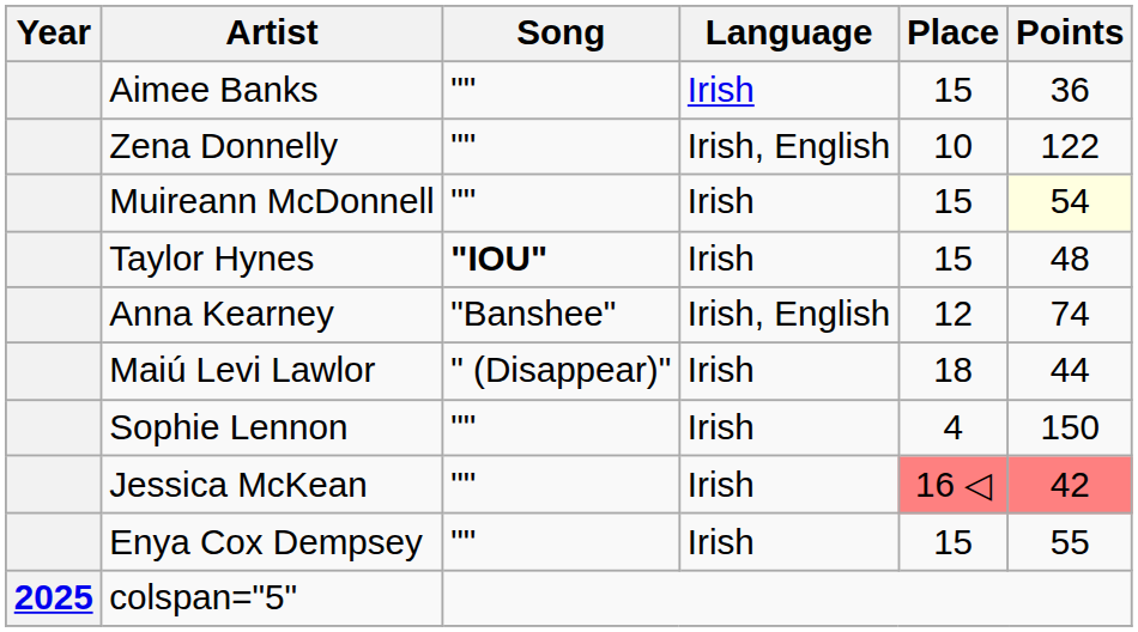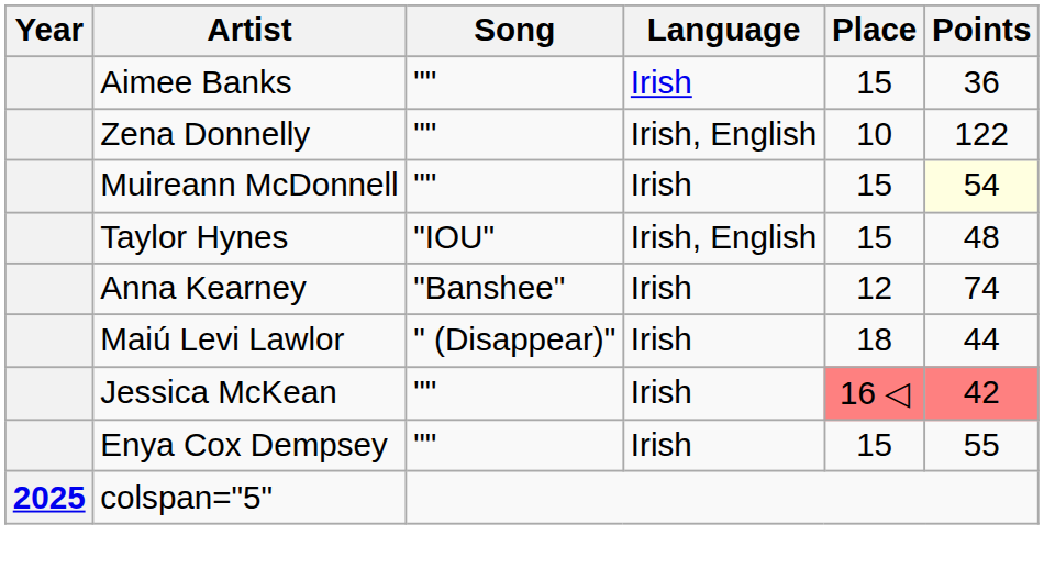 <table class="wikitable sortable plainrowheaders">
 <tr>
 <th scope="col">Year</th>
 <th scope="col">Artist</th>
 <th scope="col">Song</th>
 <th scope="col">Language</th>
 <th scope="col" data-sort-type="number">Place</th>
 <th scope="col" data-sort-type="number">Points</th>
 </tr>
 <tr>
 <th scope="row" style="text-align:center;"></th>
 <td>Aimee Banks</td>
 <td>""</td>
 <td><a href='#'>Irish</a></td>
 <td style="text-align:center;">15</td>
 <td style="text-align:center;">36</td>
 </tr>
 <tr>
 <th scope="row" style="text-align:center;"></th>
 <td>Zena Donnelly</td>
 <td>""</td>
 <td>Irish, English</td>
 <td style="text-align:center;">10</td>
 <td style="text-align:center;">122</td>
 </tr>
 <tr>
 <th scope="row" style="text-align:center;"></th>
 <td>Muireann McDonnell</td>
 <td>""</td>
 <td>Irish</td>
 <td style="text-align:center;">15</td>
 <td style="background: lightyellow; text-align:center;">54</td>
 </tr>
 <tr>
 <th scope="row" style="text-align:center;"></th>
 <td>Taylor Hynes</td>
-<td><strong>"IOU"</strong></td>
-<td>Irish</td>
+<td>"IOU"</td>
+<td>Irish, English</td>
 <td style="text-align:center;">15</td>
 <td style="text-align:center;">48</td>
 </tr>
 <tr>
 <th scope="row" style="text-align:center;"></th>
 <td>Anna Kearney</td>
 <td>"Banshee"</td>
-<td>Irish, English</td>
+<td>Irish</td>
 <td style="text-align:center;">12</td>
 <td style="text-align:center;">74</td>
 </tr>
 <tr>
 <th scope="row" style="text-align:center;"></th>
 <td>Maiú Levi Lawlor</td>
 <td>" (Disappear)"</td>
 <td>Irish</td>
 <td style="text-align:center;">18</td>
 <td style="text-align:center;">44</td>
-</tr>
-<tr>
-<th scope="row" style="text-align:center;"></th>
-<td>Sophie Lennon</td>
-<td>""</td>
-<td>Irish</td>
-<td style="text-align:center;">4</td>
-<td style="text-align:center;">150</td>
 </tr>
 <tr>
 <th scope="row" style="text-align:center;"></th>
 <td>Jessica McKean</td>
 <td>""</td>
 <td>Irish</td>
 <td style="text-align:center; background-color:#FE8080;">16 ◁</td>
 <td style="text-align:center; background-color:#FE8080;">42</td>
 </tr>
 <tr>
 <th scope="row" style="text-align:center;"></th>
 <td>Enya Cox Dempsey</td>
 <td>""</td>
 <td>Irish</td>
 <td style="text-align:center;">15</td>
 <td style="text-align:center;">55</td>
 </tr>
 <tr>
 <th scope="row" style="text-align:center;"><a href='#'>2025</a></th>
 <td>colspan="5" </td>
 </tr>
 </table>
